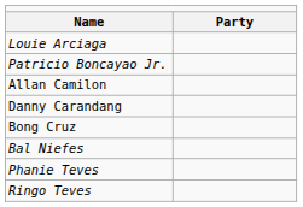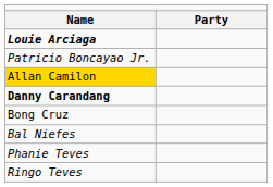 <table class=wikitable style="font-size:90%">
 <tr>
 <td colspan=4 bgcolor=></td>
 </tr>
 <tr>
 <th width=150px>Name</th>
 <th colspan=2 width=110px>Party</th>
 </tr>
 <tr>
-<td><em>Louie Arciaga</em></td>
+<td><strong><em>Louie Arciaga</em></strong></td>
 <td></td>
 </tr>
 <tr>
 <td><em>Patricio Boncayao Jr.</em></td>
 <td></td>
 </tr>
 <tr>
-<td>Allan Camilon</td>
+<td style="background: gold;">Allan Camilon</td>
 <td></td>
 </tr>
 <tr>
-<td>Danny Carandang</td>
+<td><strong>Danny Carandang</strong></td>
 <td></td>
 </tr>
 <tr>
 <td>Bong Cruz</td>
 <td></td>
 </tr>
 <tr>
 <td><em>Bal Niefes</em></td>
 <td></td>
 </tr>
 <tr>
 <td><em>Phanie Teves</em></td>
 <td></td>
 </tr>
 <tr>
 <td><em>Ringo Teves</em></td>
 <td></td>
 </tr>
 </table>
